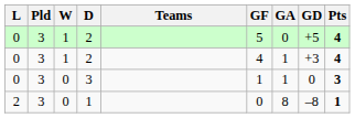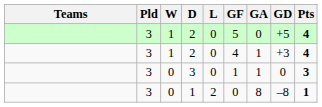 <table class="wikitable" style="text-align: center;">
 <tr>
-<th width=20>L</th>
+<th width=165>Teams</th>
 <th width=20>Pld</th>
 <th width=20>W</th>
 <th width=20>D</th>
-<th width=165>Teams</th>
+<th width=20>L</th>
 <th width=20>GF</th>
 <th width=20>GA</th>
 <th width=20>GD</th>
 <th width=20>Pts</th>
 </tr>
 <tr align=center style="background:#ccffcc;">
-<td>0</td>
+<td style="text-align:left;"></td>
 <td>3</td>
 <td>1</td>
 <td>2</td>
-<td style="text-align:left;"></td>
+<td>0</td>
 <td>5</td>
 <td>0</td>
 <td>+5</td>
 <td><strong>4</strong></td>
 </tr>
 <tr align=center>
-<td>0</td>
+<td style="text-align:left;"></td>
 <td>3</td>
 <td>1</td>
 <td>2</td>
-<td style="text-align:left;"></td>
+<td>0</td>
 <td>4</td>
 <td>1</td>
 <td>+3</td>
 <td><strong>4</strong></td>
 </tr>
 <tr align=center>
+<td style="text-align:left;"></td>
+<td>3</td>
 <td>0</td>
 <td>3</td>
 <td>0</td>
-<td>3</td>
-<td style="text-align:left;"></td>
 <td>1</td>
 <td>1</td>
 <td>0</td>
 <td><strong>3</strong></td>
 </tr>
 <tr align=center>
-<td>2</td>
+<td style="text-align:left;"></td>
 <td>3</td>
 <td>0</td>
 <td>1</td>
-<td style="text-align:left;"></td>
+<td>2</td>
 <td>0</td>
 <td>8</td>
 <td>–8</td>
 <td><strong>1</strong></td>
 </tr>
 </table>
